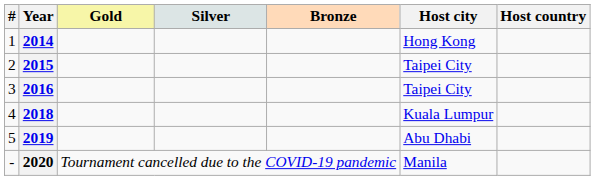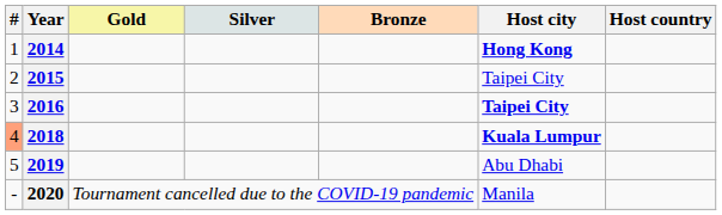 <table class="wikitable sortable plainrowheaders">
 <tr>
 <th scope="col">#</th>
 <th scope="col">Year</th>
 <th scope="col" style="background:#F7F6A8"> Gold</th>
 <th scope="col" style="background:#DCE5E5"> Silver</th>
 <th scope="col" style="background:#FFDAB9"> Bronze</th>
 <th scope="col">Host city</th>
 <th scope="col">Host country</th>
 </tr>
 <tr>
 <td align=center>1</td>
 <th scope="row"><a href='#'>2014</a></th>
 <td> </td>
 <td> </td>
 <td> </td>
-<td><a href='#'>Hong Kong</a></td>
+<td><strong><a href='#'>Hong Kong</a></strong></td>
 <td></td>
 </tr>
 <tr>
 <td align=center>2</td>
 <th scope="row"><a href='#'>2015</a></th>
 <td> </td>
 <td> </td>
 <td> </td>
 <td><a href='#'>Taipei City</a></td>
 <td></td>
 </tr>
 <tr>
 <td align=center>3</td>
 <th scope="row"><a href='#'>2016</a></th>
 <td> </td>
 <td> </td>
 <td> </td>
-<td><a href='#'>Taipei City</a></td>
+<td><strong><a href='#'>Taipei City</a></strong></td>
 <td></td>
 </tr>
 <tr>
-<td align=center>4</td>
+<td align=center style="background: lightsalmon;">4</td>
 <th scope="row"><a href='#'>2018</a></th>
 <td> </td>
 <td> </td>
 <td> </td>
-<td><a href='#'>Kuala Lumpur</a></td>
+<td><strong><a href='#'>Kuala Lumpur</a></strong></td>
 <td></td>
 </tr>
 <tr>
 <td align=center>5</td>
 <th scope="row"><a href='#'>2019</a></th>
 <td> </td>
 <td> </td>
 <td> </td>
 <td><a href='#'>Abu Dhabi</a></td>
 <td></td>
 </tr>
 <tr>
 <td align=center>-</td>
 <th scope="row">2020</th>
 <td colspan="3"><em>Tournament cancelled due to the <a href='#'>COVID-19 pandemic</a></em></td>
 <td><a href='#'>Manila</a></td>
 <td></td>
 </tr>
 </table>
